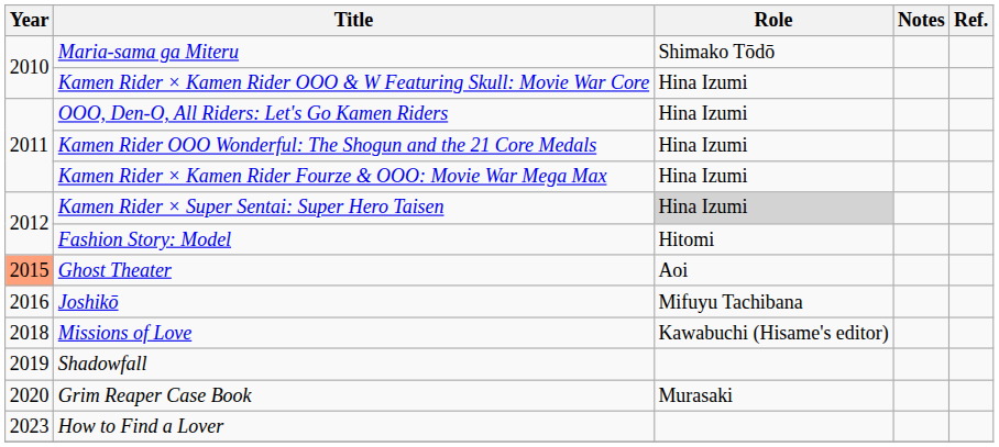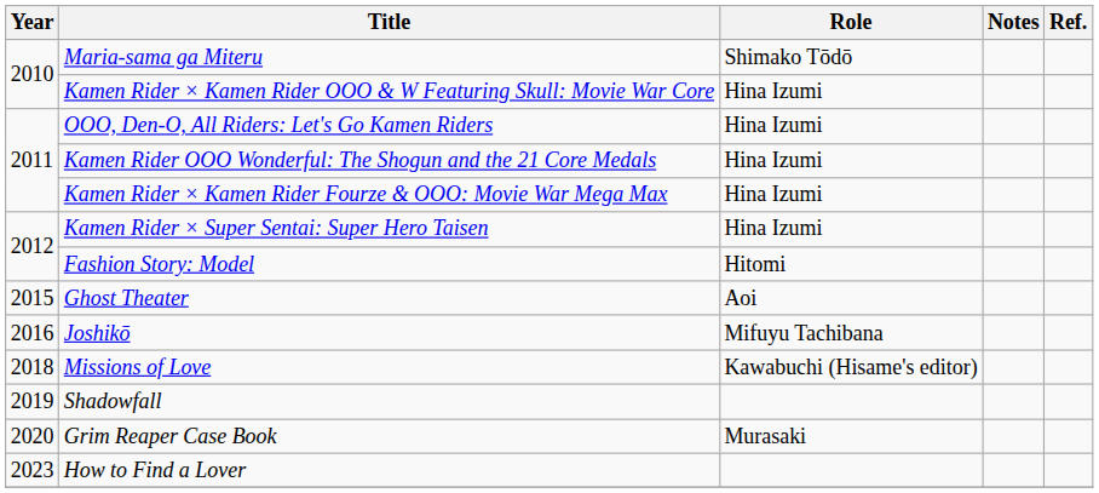 <table class="wikitable">
 <tr>
 <th>Year</th>
 <th>Title</th>
 <th>Role</th>
 <th>Notes</th>
 <th>Ref.</th>
 </tr>
 <tr>
 <td rowspan="2">2010</td>
 <td><em><a href='#'>Maria-sama ga Miteru</a></em></td>
 <td>Shimako Tōdō</td>
 <td></td>
 <td></td>
 </tr>
 <tr>
 <td><em><a href='#'>Kamen Rider × Kamen Rider OOO & W Featuring Skull: Movie War Core</a></em></td>
 <td>Hina Izumi</td>
 <td></td>
 <td></td>
 </tr>
 <tr>
 <td rowspan="3">2011</td>
 <td><em><a href='#'>OOO, Den-O, All Riders: Let's Go Kamen Riders</a></em></td>
 <td>Hina Izumi</td>
 <td></td>
 <td></td>
 </tr>
 <tr>
 <td><em><a href='#'>Kamen Rider OOO Wonderful: The Shogun and the 21 Core Medals</a></em></td>
 <td>Hina Izumi</td>
 <td></td>
 <td></td>
 </tr>
 <tr>
 <td><em><a href='#'>Kamen Rider × Kamen Rider Fourze & OOO: Movie War Mega Max</a></em></td>
 <td>Hina Izumi</td>
 <td></td>
 <td></td>
 </tr>
 <tr>
 <td rowspan="2">2012</td>
 <td><em><a href='#'>Kamen Rider × Super Sentai: Super Hero Taisen</a></em></td>
-<td style="background: lightgrey;">Hina Izumi</td>
+<td>Hina Izumi</td>
 <td></td>
 <td></td>
 </tr>
 <tr>
 <td><em><a href='#'>Fashion Story: Model</a></em></td>
 <td>Hitomi</td>
 <td></td>
 <td></td>
 </tr>
 <tr>
-<td style="background: lightsalmon;">2015</td>
+<td>2015</td>
 <td><em><a href='#'>Ghost Theater</a></em></td>
 <td>Aoi</td>
 <td></td>
 <td></td>
 </tr>
 <tr>
 <td>2016</td>
 <td><em><a href='#'>Joshikō</a></em></td>
 <td>Mifuyu Tachibana</td>
 <td></td>
 <td></td>
 </tr>
 <tr>
 <td>2018</td>
 <td><em><a href='#'>Missions of Love</a></em></td>
 <td>Kawabuchi (Hisame's editor)</td>
 <td></td>
 <td></td>
 </tr>
 <tr>
 <td>2019</td>
 <td><em>Shadowfall</em></td>
 <td></td>
 <td></td>
 <td></td>
 </tr>
 <tr>
 <td>2020</td>
 <td><em>Grim Reaper Case Book</em></td>
 <td>Murasaki</td>
 <td></td>
 <td></td>
 </tr>
 <tr>
 <td>2023</td>
 <td><em>How to Find a Lover</em></td>
 <td></td>
 <td></td>
 <td></td>
 </tr>
 <tr>
 </tr>
 </table>
